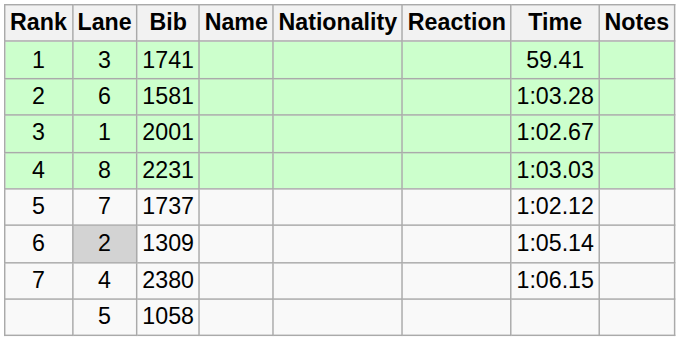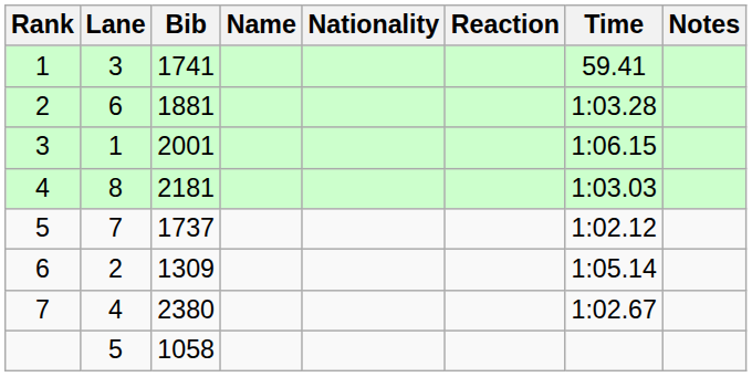 <table class="wikitable sortable" style="text-align:center">
 <tr>
 <th>Rank</th>
 <th>Lane</th>
 <th>Bib</th>
 <th>Name</th>
 <th>Nationality</th>
 <th>Reaction</th>
 <th>Time</th>
 <th>Notes</th>
 </tr>
 <tr bgcolor=ccffcc>
 <td>1</td>
 <td>3</td>
 <td>1741</td>
 <td align=left></td>
 <td align=left></td>
 <td></td>
 <td>59.41</td>
 <td><strong></strong></td>
 </tr>
 <tr bgcolor=ccffcc>
 <td>2</td>
 <td>6</td>
-<td>1581</td>
+<td>1881</td>
 <td align=left></td>
 <td align=left></td>
 <td></td>
 <td>1:03.28</td>
 <td><strong></strong></td>
 </tr>
 <tr bgcolor=ccffcc>
 <td>3</td>
 <td>1</td>
 <td>2001</td>
 <td align=left></td>
 <td align=left></td>
 <td></td>
-<td>1:02.67</td>
+<td>1:06.15</td>
 <td><strong></strong></td>
 </tr>
 <tr bgcolor=ccffcc>
 <td>4</td>
 <td>8</td>
-<td>2231</td>
+<td>2181</td>
 <td align=left></td>
 <td align=left></td>
 <td></td>
 <td>1:03.03</td>
 <td><strong></strong></td>
 </tr>
 <tr>
 <td>5</td>
 <td>7</td>
 <td>1737</td>
 <td align=left></td>
 <td align=left></td>
 <td></td>
 <td>1:02.12</td>
 <td></td>
 </tr>
 <tr>
 <td>6</td>
-<td style="background: lightgrey;">2</td>
+<td>2</td>
 <td>1309</td>
 <td align=left></td>
 <td align=left></td>
 <td></td>
 <td>1:05.14</td>
 <td></td>
 </tr>
 <tr>
 <td>7</td>
 <td>4</td>
 <td>2380</td>
 <td align=left></td>
 <td align=left></td>
 <td></td>
-<td>1:06.15</td>
+<td>1:02.67</td>
 <td></td>
 </tr>
 <tr>
 <td></td>
 <td>5</td>
 <td>1058</td>
 <td align=left></td>
 <td align=left></td>
 <td></td>
 <td></td>
 <td><strong></strong></td>
 </tr>
 </table>
